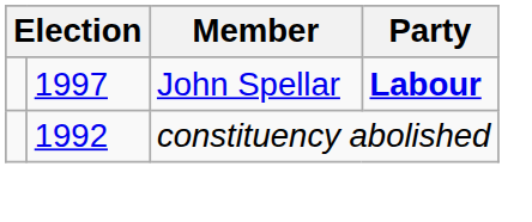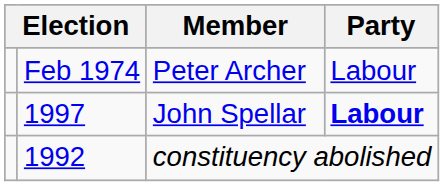 <table class="wikitable">
 <tr>
 <th colspan="2">Election</th>
 <th>Member</th>
 <th>Party</th>
+</tr>
+<tr>
+<td style="color:inherit;background-color: "></td>
+<td><a href='#'>Feb 1974</a></td>
+<td><a href='#'>Peter Archer</a></td>
+<td><a href='#'>Labour</a></td>
 </tr>
 <tr>
 <td style="color:inherit;background-color: "></td>
 <td><a href='#'>1997</a></td>
 <td><a href='#'>John Spellar</a></td>
 <td><strong><a href='#'>Labour</a></strong></td>
 </tr>
 <tr>
 <td></td>
 <td><a href='#'>1992</a></td>
 <td colspan="2"><em>constituency abolished</em></td>
 </tr>
 </table>
